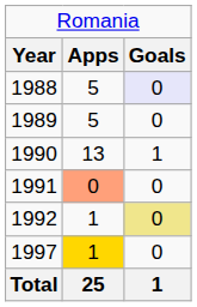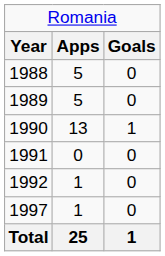 <table class="wikitable" style="text-align:center">
 <tr>
 <td colspan="3"><a href='#'>Romania</a></td>
 </tr>
 <tr>
 <th>Year</th>
 <th>Apps</th>
 <th>Goals</th>
 </tr>
 <tr>
 <td>1988</td>
 <td>5</td>
-<td style="background: lavender;">0</td>
+<td>0</td>
 </tr>
 <tr>
 <td>1989</td>
 <td>5</td>
 <td>0</td>
 </tr>
 <tr>
 <td>1990</td>
 <td>13</td>
 <td>1</td>
 </tr>
 <tr>
 <td>1991</td>
-<td style="background: lightsalmon;">0</td>
+<td>0</td>
 <td>0</td>
 </tr>
 <tr>
 <td>1992</td>
 <td>1</td>
-<td style="background: khaki;">0</td>
+<td>0</td>
 </tr>
 <tr>
 <td>1997</td>
-<td style="background: gold;">1</td>
+<td>1</td>
 <td>0</td>
 </tr>
 <tr>
 <th>Total</th>
 <th>25</th>
 <th>1</th>
 </tr>
 </table>
